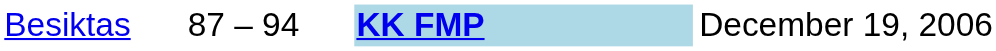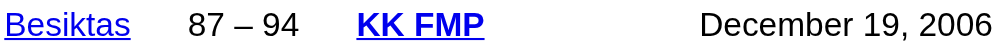 <table style="text-align:center">
 <tr>
 <th width=160></th>
 <th width=100></th>
 <th width=160></th>
 <th width=200></th>
 </tr>
 <tr>
 <td align="right"><a href='#'>Besiktas</a> </td>
 <td>87 – 94</td>
-<td align=left style="background: lightblue;"> <strong><a href='#'>KK FMP</a></strong></td>
+<td align=left> <strong><a href='#'>KK FMP</a></strong></td>
 <td align=left>December 19, 2006</td>
 </tr>
 </table>
